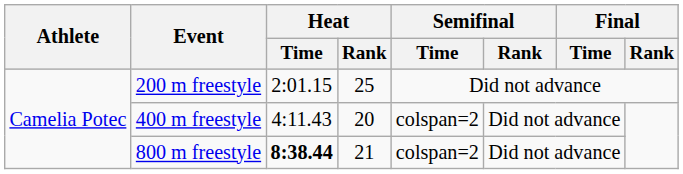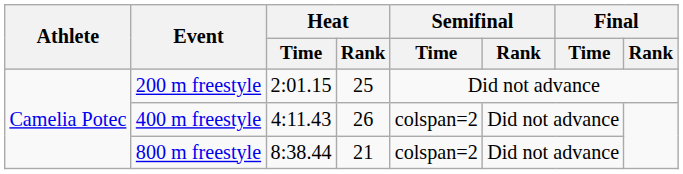 <table class=wikitable style="font-size:90%">
 <tr>
 <th rowspan=2>Athlete</th>
 <th rowspan=2>Event</th>
 <th colspan="2">Heat</th>
 <th colspan="2">Semifinal</th>
 <th colspan="2">Final</th>
 </tr>
 <tr style="font-size:95%">
 <th>Time</th>
 <th>Rank</th>
 <th>Time</th>
 <th>Rank</th>
 <th>Time</th>
 <th>Rank</th>
 </tr>
 <tr align=center>
 <td align=left rowspan=3><a href='#'>Camelia Potec</a></td>
 <td align=left><a href='#'>200 m freestyle</a></td>
 <td>2:01.15</td>
 <td>25</td>
 <td colspan=4>Did not advance</td>
 </tr>
 <tr align=center>
 <td align=left><a href='#'>400 m freestyle</a></td>
 <td>4:11.43</td>
-<td>20</td>
+<td>26</td>
 <td>colspan=2 </td>
 <td colspan=2>Did not advance</td>
 </tr>
 <tr align=center>
 <td align=left><a href='#'>800 m freestyle</a></td>
-<td><strong>8:38.44</strong></td>
+<td>8:38.44</td>
 <td>21</td>
 <td>colspan=2 </td>
 <td colspan=2>Did not advance</td>
 </tr>
 </table>
